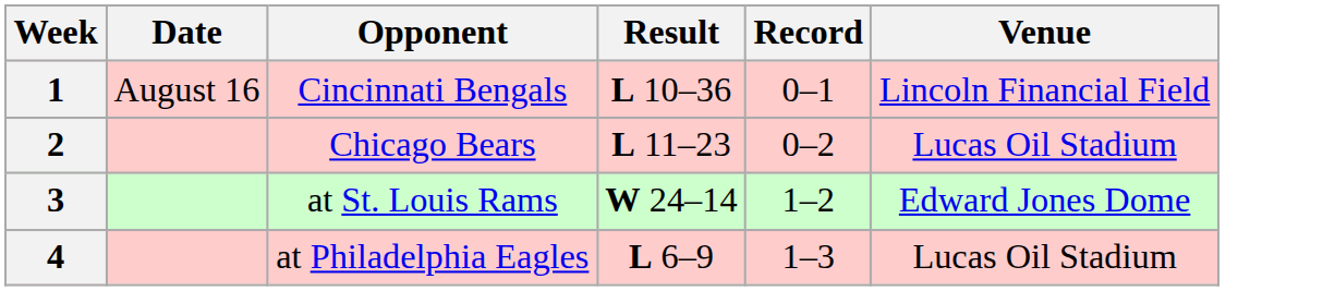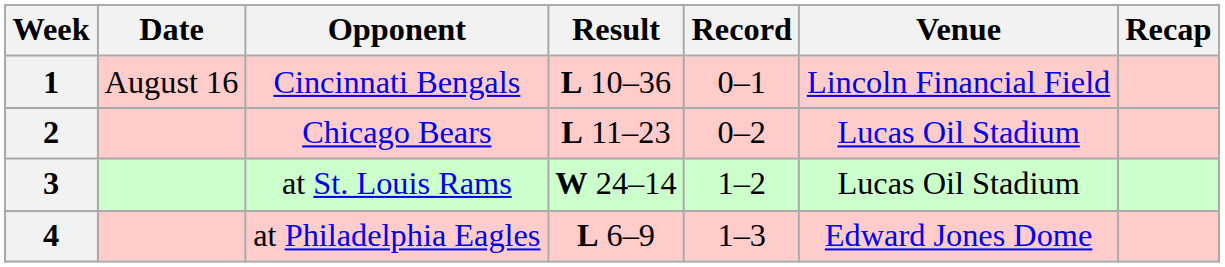 <table class="wikitable" style="text-align:center">
 <tr>
 <th>Week</th>
 <th>Date</th>
 <th>Opponent</th>
 <th>Result</th>
 <th>Record</th>
 <th>Venue</th>
+<th>Recap</th>
 </tr>
 <tr style="background:#fcc">
 <th>1</th>
 <td>August 16</td>
 <td><a href='#'>Cincinnati Bengals</a></td>
 <td><strong>L</strong> 10–36</td>
 <td>0–1</td>
 <td><a href='#'>Lincoln Financial Field</a></td>
+<td></td>
 </tr>
 <tr style="background:#fcc">
 <th>2</th>
 <td></td>
 <td><a href='#'>Chicago Bears</a></td>
 <td><strong>L</strong> 11–23</td>
 <td>0–2</td>
 <td><a href='#'>Lucas Oil Stadium</a></td>
+<td></td>
 </tr>
 <tr style="background:#cfc">
 <th>3</th>
 <td></td>
 <td>at <a href='#'>St. Louis Rams</a></td>
 <td><strong>W</strong> 24–14</td>
 <td>1–2</td>
-<td><a href='#'>Edward Jones Dome</a></td>
+<td>Lucas Oil Stadium</td>
+<td></td>
 </tr>
 <tr style="background:#fcc">
 <th>4</th>
 <td></td>
 <td>at <a href='#'>Philadelphia Eagles</a></td>
 <td><strong>L</strong> 6–9</td>
 <td>1–3</td>
-<td>Lucas Oil Stadium</td>
+<td><a href='#'>Edward Jones Dome</a></td>
+<td></td>
 </tr>
 </table>
